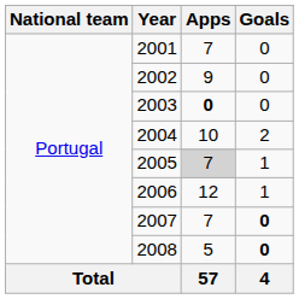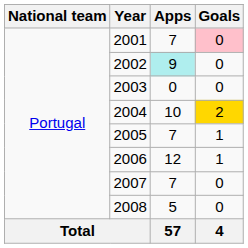 <table class="wikitable" style="text-align:center">
 <tr>
 <th>National team</th>
 <th>Year</th>
 <th>Apps</th>
 <th>Goals</th>
 </tr>
 <tr>
 <td rowspan="8"><a href='#'>Portugal</a></td>
 <td>2001</td>
 <td>7</td>
-<td>0</td>
+<td style="background: pink;">0</td>
 </tr>
 <tr>
 <td>2002</td>
-<td>9</td>
+<td style="background: paleturquoise;">9</td>
 <td>0</td>
 </tr>
 <tr>
 <td>2003</td>
-<td><strong>0</strong></td>
+<td>0</td>
 <td>0</td>
 </tr>
 <tr>
 <td>2004</td>
 <td>10</td>
-<td>2</td>
+<td style="background: gold;">2</td>
 </tr>
 <tr>
 <td>2005</td>
-<td style="background: lightgrey;">7</td>
+<td>7</td>
 <td>1</td>
 </tr>
 <tr>
 <td>2006</td>
 <td>12</td>
 <td>1</td>
 </tr>
 <tr>
 <td>2007</td>
 <td>7</td>
-<td><strong>0</strong></td>
+<td>0</td>
 </tr>
 <tr>
 <td>2008</td>
 <td>5</td>
-<td><strong>0</strong></td>
+<td>0</td>
 </tr>
 <tr>
 <th colspan="2">Total</th>
 <th>57</th>
 <th>4</th>
 </tr>
 </table>
